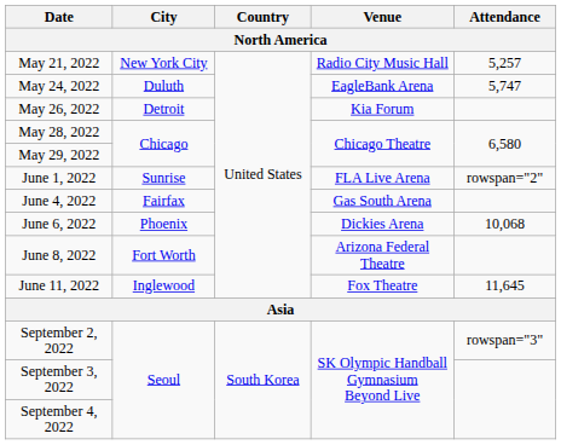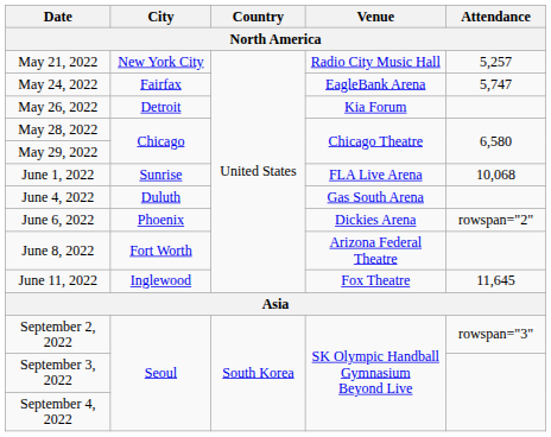 <table class="wikitable" style="text-align:center;">
 <tr>
 <th scope="col" style="width:12em;">Date</th>
 <th scope="col" style="width:11em;">City</th>
 <th scope="col" style="width:11em;">Country</th>
 <th scope="col" style="width:18em;">Venue</th>
 <th scope="col" style="width:9em;">Attendance</th>
 </tr>
 <tr>
 <th colspan="5" align="center"><strong>North America</strong></th>
 </tr>
 <tr>
 <td align="center">May 21, 2022</td>
 <td align="center"><a href='#'>New York City</a></td>
 <td rowspan="10" align="center">United States</td>
 <td align="center"><a href='#'>Radio City Music Hall</a></td>
 <td align="center">5,257</td>
 </tr>
 <tr>
 <td align="center">May 24, 2022</td>
-<td align="center"><a href='#'>Duluth</a></td>
+<td align="center"><a href='#'>Fairfax</a></td>
 <td align="center"><a href='#'>EagleBank Arena</a></td>
 <td align="center">5,747</td>
 </tr>
 <tr>
 <td align="center">May 26, 2022</td>
 <td align="center"><a href='#'>Detroit</a></td>
 <td align="center"><a href='#'>Kia Forum</a></td>
 <td></td>
 </tr>
 <tr>
 <td align="center">May 28, 2022</td>
 <td rowspan="2" align="center"><a href='#'>Chicago</a></td>
 <td rowspan="2" align="center"><a href='#'>Chicago Theatre</a></td>
 <td rowspan="2" align="center">6,580</td>
 </tr>
 <tr>
 <td align="center">May 29, 2022</td>
 </tr>
 <tr>
 <td align="center">June 1, 2022</td>
 <td align="center"><a href='#'>Sunrise</a></td>
 <td align="center"><a href='#'>FLA Live Arena</a></td>
-<td>rowspan="2" </td>
+<td align="center">10,068</td>
 </tr>
 <tr>
 <td align="center">June 4, 2022</td>
-<td align="center"><a href='#'>Fairfax</a></td>
+<td align="center"><a href='#'>Duluth</a></td>
 <td align="center"><a href='#'>Gas South Arena</a></td>
 </tr>
 <tr>
 <td align="center">June 6, 2022</td>
 <td align="center"><a href='#'>Phoenix</a></td>
 <td align="center"><a href='#'>Dickies Arena</a></td>
-<td align="center">10,068</td>
+<td>rowspan="2" </td>
 </tr>
 <tr>
 <td align="center">June 8, 2022</td>
 <td align="center"><a href='#'>Fort Worth</a></td>
 <td align="center"><a href='#'>Arizona Federal Theatre</a></td>
 <td></td>
 </tr>
 <tr>
 <td align="center">June 11, 2022</td>
 <td align="center"><a href='#'>Inglewood</a></td>
 <td align="center"><a href='#'>Fox Theatre</a></td>
 <td align="center">11,645</td>
 </tr>
 <tr>
 <th colspan="5" align="center"><strong>Asia</strong></th>
 </tr>
 <tr>
 <td align="center">September 2, 2022</td>
 <td rowspan="3" align="center"><a href='#'>Seoul</a></td>
 <td rowspan="3" align="center"><a href='#'>South Korea</a></td>
 <td rowspan="3" align="center"><a href='#'>SK Olympic Handball Gymnasium</a><br><a href='#'>Beyond Live</a></td>
 <td>rowspan="3" </td>
 </tr>
 <tr>
 <td align="center">September 3, 2022</td>
 </tr>
 <tr>
 <td align="center">September 4, 2022</td>
 </tr>
 </table>
